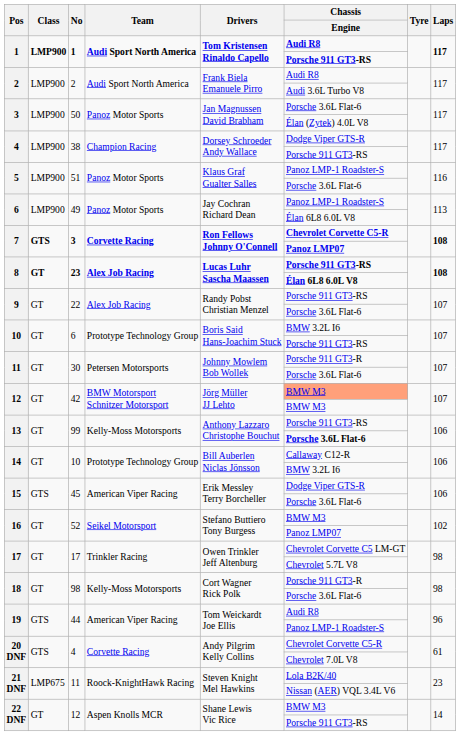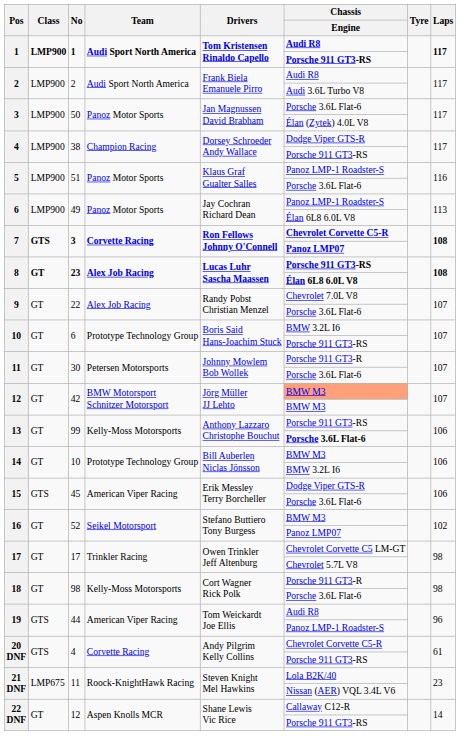 <table class="wikitable" style="font-size: 95%;">
 <tr>
 <th rowspan=2>Pos</th>
 <th rowspan=2>Class</th>
 <th rowspan=2>No</th>
 <th rowspan=2>Team</th>
 <th rowspan=2>Drivers</th>
 <th>Chassis</th>
 <th rowspan=2>Tyre</th>
 <th rowspan=2>Laps</th>
 </tr>
 <tr>
 <th>Engine</th>
 </tr>
 <tr style="font-weight:bold">
 <th rowspan=2>1</th>
 <td rowspan=2>LMP900</td>
 <td rowspan=2>1</td>
 <td rowspan=2> <a href='#'>Audi</a> Sport North America</td>
 <td rowspan=2> <a href='#'>Tom Kristensen</a><br> <a href='#'>Rinaldo Capello</a></td>
 <td><a href='#'>Audi R8</a></td>
 <td rowspan=2></td>
 <td rowspan=2>117</td>
 </tr>
 <tr style="font-weight:bold">
 <td><a href='#'>Porsche 911 GT3</a>-RS</td>
 </tr>
 <tr>
 <th rowspan=2>2</th>
 <td rowspan=2>LMP900</td>
 <td rowspan=2>2</td>
 <td rowspan=2> <a href='#'>Audi</a> Sport North America</td>
 <td rowspan=2> <a href='#'>Frank Biela</a><br> <a href='#'>Emanuele Pirro</a></td>
 <td><a href='#'>Audi R8</a></td>
 <td rowspan=2></td>
 <td rowspan=2>117</td>
 </tr>
 <tr>
 <td><a href='#'>Audi</a> 3.6L Turbo V8</td>
 </tr>
 <tr>
 <th rowspan=2>3</th>
 <td rowspan=2>LMP900</td>
 <td rowspan=2>50</td>
 <td rowspan=2> <a href='#'>Panoz</a> Motor Sports</td>
 <td rowspan=2> <a href='#'>Jan Magnussen</a><br> <a href='#'>David Brabham</a></td>
 <td><a href='#'>Porsche</a> 3.6L Flat-6</td>
 <td rowspan=2></td>
 <td rowspan=2>117</td>
 </tr>
 <tr>
 <td><a href='#'>Élan</a> (<a href='#'>Zytek</a>) 4.0L V8</td>
 </tr>
 <tr>
 <th rowspan=2>4</th>
 <td rowspan=2>LMP900</td>
 <td rowspan=2>38</td>
 <td rowspan=2> <a href='#'>Champion Racing</a></td>
 <td rowspan=2> <a href='#'>Dorsey Schroeder</a><br> <a href='#'>Andy Wallace</a></td>
 <td><a href='#'>Dodge Viper GTS-R</a></td>
 <td rowspan=2></td>
 <td rowspan=2>117</td>
 </tr>
 <tr>
 <td><a href='#'>Porsche 911 GT3</a>-RS</td>
 </tr>
 <tr>
 <th rowspan=2>5</th>
 <td rowspan=2>LMP900</td>
 <td rowspan=2>51</td>
 <td rowspan=2> <a href='#'>Panoz</a> Motor Sports</td>
 <td rowspan=2> <a href='#'>Klaus Graf</a><br> <a href='#'>Gualter Salles</a></td>
 <td><a href='#'>Panoz LMP-1 Roadster-S</a></td>
 <td rowspan=2></td>
 <td rowspan=2>116</td>
 </tr>
 <tr>
 <td><a href='#'>Porsche</a> 3.6L Flat-6</td>
 </tr>
 <tr>
 <th rowspan=2>6</th>
 <td rowspan=2>LMP900</td>
 <td rowspan=2>49</td>
 <td rowspan=2> <a href='#'>Panoz</a> Motor Sports</td>
 <td rowspan=2> Jay Cochran<br> Richard Dean</td>
 <td><a href='#'>Panoz LMP-1 Roadster-S</a></td>
 <td rowspan=2></td>
 <td rowspan=2>113</td>
 </tr>
 <tr>
 <td><a href='#'>Élan</a> 6L8 6.0L V8</td>
 </tr>
 <tr style="font-weight:bold">
 <th rowspan=2>7</th>
 <td rowspan=2>GTS</td>
 <td rowspan=2>3</td>
 <td rowspan=2> <a href='#'>Corvette Racing</a></td>
 <td rowspan=2> <a href='#'>Ron Fellows</a><br> <a href='#'>Johnny O'Connell</a></td>
 <td><a href='#'>Chevrolet Corvette C5-R</a></td>
 <td rowspan=2></td>
 <td rowspan=2>108</td>
 </tr>
 <tr style="font-weight:bold">
 <td><a href='#'>Panoz LMP07</a></td>
 </tr>
 <tr style="font-weight:bold">
 <th rowspan=2>8</th>
 <td rowspan=2>GT</td>
 <td rowspan=2>23</td>
 <td rowspan=2> <a href='#'>Alex Job Racing</a></td>
 <td rowspan=2> <a href='#'>Lucas Luhr</a><br> <a href='#'>Sascha Maassen</a></td>
 <td><a href='#'>Porsche 911 GT3</a>-RS</td>
 <td rowspan=2></td>
 <td rowspan=2>108</td>
 </tr>
 <tr style="font-weight:bold">
 <td><a href='#'>Élan</a> 6L8 6.0L V8</td>
 </tr>
 <tr>
 <th rowspan=2>9</th>
 <td rowspan=2>GT</td>
 <td rowspan=2>22</td>
 <td rowspan=2> <a href='#'>Alex Job Racing</a></td>
 <td rowspan=2> Randy Pobst<br> Christian Menzel</td>
-<td><a href='#'>Porsche 911 GT3</a>-RS</td>
+<td><a href='#'>Chevrolet</a> 7.0L V8</td>
 <td rowspan=2></td>
 <td rowspan=2>107</td>
 </tr>
 <tr>
 <td><a href='#'>Porsche</a> 3.6L Flat-6</td>
 </tr>
 <tr>
 <th rowspan=2>10</th>
 <td rowspan=2>GT</td>
 <td rowspan=2>6</td>
 <td rowspan=2> Prototype Technology Group</td>
 <td rowspan=2> <a href='#'>Boris Said</a><br> <a href='#'>Hans-Joachim Stuck</a></td>
 <td><a href='#'>BMW</a> 3.2L I6</td>
 <td rowspan=2></td>
 <td rowspan=2>107</td>
 </tr>
 <tr>
 <td><a href='#'>Porsche 911 GT3</a>-RS</td>
 </tr>
 <tr>
 <th rowspan=2>11</th>
 <td rowspan=2>GT</td>
 <td rowspan=2>30</td>
 <td rowspan=2> Petersen Motorsports</td>
 <td rowspan=2> <a href='#'>Johnny Mowlem</a><br> <a href='#'>Bob Wollek</a></td>
 <td><a href='#'>Porsche 911 GT3</a>-R</td>
 <td rowspan=2></td>
 <td rowspan=2>107</td>
 </tr>
 <tr>
 <td><a href='#'>Porsche</a> 3.6L Flat-6</td>
 </tr>
 <tr>
 <th rowspan=2>12</th>
 <td rowspan=2>GT</td>
 <td rowspan=2>42</td>
 <td rowspan=2> <a href='#'>BMW Motorsport</a><br> <a href='#'>Schnitzer Motorsport</a></td>
 <td rowspan=2> <a href='#'>Jörg Müller</a><br> <a href='#'>JJ Lehto</a></td>
 <td style="background: lightsalmon;"><a href='#'>BMW M3</a></td>
 <td rowspan=2></td>
 <td rowspan=2>107</td>
 </tr>
 <tr>
 <td><a href='#'>BMW M3</a></td>
 </tr>
 <tr>
 <th rowspan=2>13</th>
 <td rowspan=2>GT</td>
 <td rowspan=2>99</td>
 <td rowspan=2> Kelly-Moss Motorsports</td>
 <td rowspan=2> <a href='#'>Anthony Lazzaro</a><br> <a href='#'>Christophe Bouchut</a></td>
 <td><a href='#'>Porsche 911 GT3</a>-RS</td>
 <td rowspan=2></td>
 <td rowspan=2>106</td>
 </tr>
 <tr>
 <td><strong><a href='#'>Porsche</a> 3.6L Flat-6</strong></td>
 </tr>
 <tr>
 <th rowspan=2>14</th>
 <td rowspan=2>GT</td>
 <td rowspan=2>10</td>
 <td rowspan=2> Prototype Technology Group</td>
 <td rowspan=2> <a href='#'>Bill Auberlen</a><br> <a href='#'>Niclas Jönsson</a></td>
-<td><a href='#'>Callaway</a> C12-R</td>
+<td><a href='#'>BMW M3</a></td>
 <td rowspan=2></td>
 <td rowspan=2>106</td>
 </tr>
 <tr>
 <td><a href='#'>BMW</a> 3.2L I6</td>
 </tr>
 <tr>
 <th rowspan=2>15</th>
 <td rowspan=2>GTS</td>
 <td rowspan=2>45</td>
 <td rowspan=2> American Viper Racing</td>
 <td rowspan=2> Erik Messley<br> Terry Borcheller</td>
 <td><a href='#'>Dodge Viper GTS-R</a></td>
 <td rowspan=2></td>
 <td rowspan=2>106</td>
 </tr>
 <tr>
 <td><a href='#'>Porsche</a> 3.6L Flat-6</td>
 </tr>
 <tr>
 <th rowspan=2>16</th>
 <td rowspan=2>GT</td>
 <td rowspan=2>52</td>
 <td rowspan=2> <a href='#'>Seikel Motorsport</a></td>
 <td rowspan=2> Stefano Buttiero<br> Tony Burgess</td>
 <td><a href='#'>BMW M3</a></td>
 <td rowspan=2></td>
 <td rowspan=2>102</td>
 </tr>
 <tr>
 <td><a href='#'>Panoz LMP07</a></td>
 </tr>
 <tr>
 <th rowspan=2>17</th>
 <td rowspan=2>GT</td>
 <td rowspan=2>17</td>
 <td rowspan=2> Trinkler Racing</td>
 <td rowspan=2> Owen Trinkler<br> Jeff Altenburg</td>
 <td><a href='#'>Chevrolet Corvette C5</a> LM-GT</td>
 <td rowspan=2></td>
 <td rowspan=2>98</td>
 </tr>
 <tr>
 <td><a href='#'>Chevrolet</a> 5.7L V8</td>
 </tr>
 <tr>
 <th rowspan=2>18</th>
 <td rowspan=2>GT</td>
 <td rowspan=2>98</td>
 <td rowspan=2> Kelly-Moss Motorsports</td>
 <td rowspan=2> Cort Wagner<br> Rick Polk</td>
 <td><a href='#'>Porsche 911 GT3</a>-R</td>
 <td rowspan=2></td>
 <td rowspan=2>98</td>
 </tr>
 <tr>
 <td><a href='#'>Porsche</a> 3.6L Flat-6</td>
 </tr>
 <tr>
 <th rowspan=2>19</th>
 <td rowspan=2>GTS</td>
 <td rowspan=2>44</td>
 <td rowspan=2> American Viper Racing</td>
 <td rowspan=2> Tom Weickardt<br> Joe Ellis</td>
 <td><a href='#'>Audi R8</a></td>
 <td rowspan=2></td>
 <td rowspan=2>96</td>
 </tr>
 <tr>
 <td><a href='#'>Panoz LMP-1 Roadster-S</a></td>
 </tr>
 <tr>
 <th rowspan=2>20<br>DNF</th>
 <td rowspan=2>GTS</td>
 <td rowspan=2>4</td>
 <td rowspan=2> <a href='#'>Corvette Racing</a></td>
 <td rowspan=2> Andy Pilgrim<br> Kelly Collins</td>
 <td><a href='#'>Chevrolet Corvette C5-R</a></td>
 <td rowspan=2></td>
 <td rowspan=2>61</td>
 </tr>
 <tr>
-<td><a href='#'>Chevrolet</a> 7.0L V8</td>
+<td><a href='#'>Porsche 911 GT3</a>-RS</td>
 </tr>
 <tr>
 <th rowspan=2>21<br>DNF</th>
 <td rowspan=2>LMP675</td>
 <td rowspan=2>11</td>
 <td rowspan=2> Roock-KnightHawk Racing</td>
 <td rowspan=2> Steven Knight<br> Mel Hawkins</td>
 <td><a href='#'>Lola B2K/40</a></td>
 <td rowspan=2></td>
 <td rowspan=2>23</td>
 </tr>
 <tr>
 <td><a href='#'>Nissan</a> (<a href='#'>AER</a>) VQL 3.4L V6</td>
 </tr>
 <tr>
 <th rowspan=2>22<br>DNF</th>
 <td rowspan=2>GT</td>
 <td rowspan=2>12</td>
 <td rowspan=2> Aspen Knolls MCR</td>
 <td rowspan=2> Shane Lewis<br> Vic Rice</td>
-<td><a href='#'>BMW M3</a></td>
+<td><a href='#'>Callaway</a> C12-R</td>
 <td rowspan=2></td>
 <td rowspan=2>14</td>
 </tr>
 <tr>
 <td><a href='#'>Porsche 911 GT3</a>-RS</td>
 </tr>
 </table>
